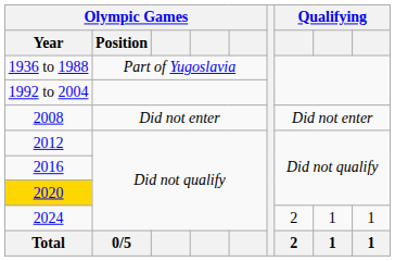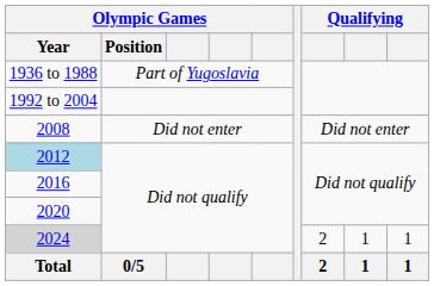 <table class="wikitable" style="text-align: center;font-size:90%;">
 <tr>
 <th colspan=5><a href='#'>Olympic Games</a></th>
 <th rowspan=10></th>
 <th colspan=3><a href='#'>Qualifying</a></th>
 </tr>
 <tr>
 <th>Year</th>
 <th>Position</th>
 <th width=30></th>
 <th width=30></th>
 <th width=30></th>
 <th width=30></th>
 <th width=30></th>
 <th width=30></th>
 </tr>
 <tr>
 <td><a href='#'>1936</a> to <a href='#'>1988</a></td>
 <td colspan=4><em>Part of <a href='#'>Yugoslavia</a></em></td>
 </tr>
 <tr>
 <td><a href='#'>1992</a> to <a href='#'>2004</a></td>
 <td colspan=4></td>
 </tr>
 <tr>
 <td> <a href='#'>2008</a></td>
 <td colspan=4><em>Did not enter</em></td>
 <td colspan=3><em>Did not enter</em></td>
 </tr>
 <tr>
-<td> <a href='#'>2012</a></td>
+<td style="background: lightblue;"> <a href='#'>2012</a></td>
 <td colspan=4 rowspan=4><em>Did not qualify</em></td>
 <td colspan=3 rowspan=3><em>Did not qualify</em></td>
 </tr>
 <tr>
 <td> <a href='#'>2016</a></td>
 </tr>
 <tr>
-<td style="background: gold;"> <a href='#'>2020</a></td>
+<td> <a href='#'>2020</a></td>
 </tr>
 <tr>
-<td> <a href='#'>2024</a></td>
+<td style="background: lightgrey;"> <a href='#'>2024</a></td>
 <td>2</td>
 <td>1</td>
 <td>1</td>
 </tr>
 <tr>
 <th>Total</th>
 <th>0/5</th>
 <th></th>
 <th></th>
 <th></th>
 <th>2</th>
 <th>1</th>
 <th>1</th>
 </tr>
 </table>
